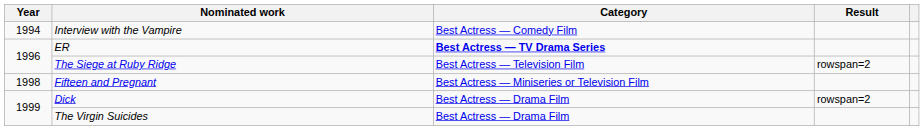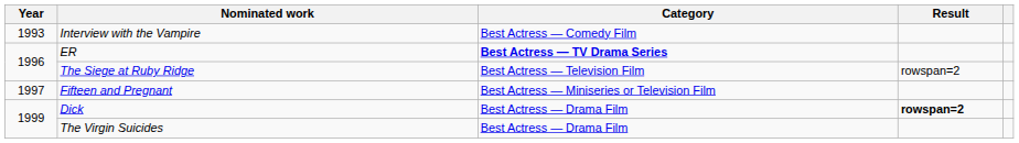 <table class="wikitable" style="width:85%;">
 <tr>
 <th width=5%>Year</th>
 <th style="width:40%;">Nominated work</th>
 <th style="width:40%;">Category</th>
 <th style="width:10%;">Result</th>
 <th width=1%></th>
 </tr>
 <tr>
-<td style="text-align:center;">1994</td>
+<td style="text-align:center;">1993</td>
 <td><em>Interview with the Vampire</em></td>
 <td><a href='#'>Best Actress — Comedy Film</a></td>
 <td></td>
 <td style="text-align:center;"></td>
 </tr>
 <tr>
 <td rowspan=2 style="text-align:center;">1996</td>
 <td><em>ER</em></td>
 <td><strong><a href='#'>Best Actress — TV Drama Series</a></strong></td>
 <td></td>
 <td style="text-align:center;"></td>
 </tr>
 <tr>
 <td><em><a href='#'>The Siege at Ruby Ridge</a></em></td>
 <td><a href='#'>Best Actress — Television Film</a></td>
 <td>rowspan=2 </td>
 <td style="text-align:center;"></td>
 </tr>
 <tr>
-<td style="text-align:center;">1998</td>
+<td style="text-align:center;">1997</td>
 <td><em><a href='#'>Fifteen and Pregnant</a></em></td>
 <td><a href='#'>Best Actress — Miniseries or Television Film</a></td>
 <td style="text-align:center;"></td>
 </tr>
 <tr>
 <td rowspan=2 style="text-align:center;">1999</td>
 <td><em><a href='#'>Dick</a></em></td>
 <td><a href='#'>Best Actress — Drama Film</a></td>
-<td>rowspan=2 </td>
+<td><strong>rowspan=2 </strong></td>
 <td style="text-align:center;"></td>
 </tr>
 <tr>
 <td><em>The Virgin Suicides</em></td>
 <td><a href='#'>Best Actress — Drama Film</a></td>
 <td style="text-align:center;"></td>
 </tr>
 </table>
